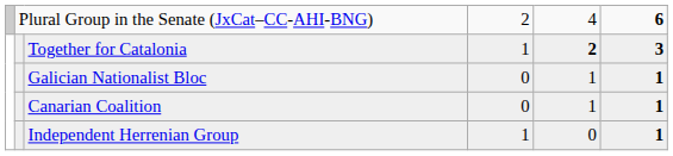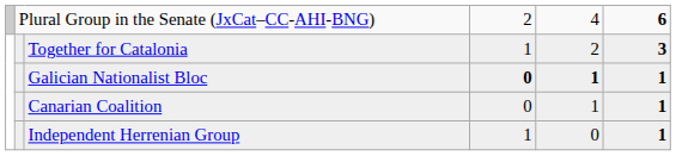 <table class="wikitable collapsible collapsed" style="text-align:right; font-size:95%; border:0px; margin-top:-1px; margin-bottom:0;">
 <tr>
 <td width="1" bgcolor="#CCCCCC"></td>
 <th style="text-align:left; font-weight:normal; background:#F9F9F9" colspan="2" width="385">Plural Group in the Senate (<a href='#'>JxCat</a>–<a href='#'>CC</a>-<a href='#'>AHI</a>-<a href='#'>BNG</a>)</th>
 <td width="50">2</td>
 <td width="51">4</td>
 <td width="51"><strong>6</strong></td>
 </tr>
 <tr style="background:#EFEFEF;">
 <td style="background:white;" rowspan="4"></td>
 <td width="1"></td>
 <td align="left"><a href='#'>Together for Catalonia</a></td>
 <td>1</td>
-<td><strong>2</strong></td>
+<td>2</td>
 <td><strong>3</strong></td>
 </tr>
 <tr style="background:#EFEFEF;">
 <td></td>
 <td align="left"><a href='#'>Galician Nationalist Bloc</a></td>
-<td>0</td>
-<td>1</td>
+<td><strong>0</strong></td>
+<td><strong>1</strong></td>
 <td><strong>1</strong></td>
 </tr>
 <tr style="background:#EFEFEF;">
 <td></td>
 <td align="left"><a href='#'>Canarian Coalition</a></td>
 <td>0</td>
 <td>1</td>
 <td><strong>1</strong></td>
 </tr>
 <tr style="background:#EFEFEF;">
 <td></td>
 <td align="left"><a href='#'>Independent Herrenian Group</a></td>
 <td>1</td>
 <td>0</td>
 <td><strong>1</strong></td>
 </tr>
 </table>
